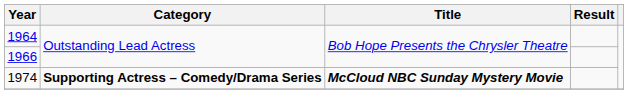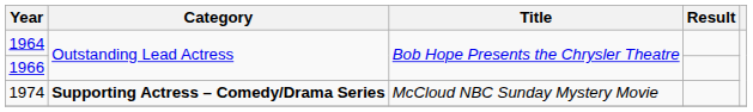 <table class="wikitable">
 <tr>
 <th>Year</th>
 <th>Category</th>
 <th>Title</th>
 <th>Result</th>
 <th></th>
 </tr>
 <tr>
 <td><a href='#'>1964</a></td>
 <td rowspan=2><a href='#'>Outstanding Lead Actress</a></td>
 <td rowspan=2><em><a href='#'>Bob Hope Presents the Chrysler Theatre</a></em></td>
 <td></td>
 <td align=center rowspan=3></td>
 </tr>
 <tr>
 <td><a href='#'>1966</a></td>
 <td></td>
 </tr>
 <tr>
 <td>1974</td>
 <td><strong>Supporting Actress – Comedy/Drama Series</strong></td>
-<td><strong><em>McCloud NBC Sunday Mystery Movie</em></strong></td>
+<td><em>McCloud NBC Sunday Mystery Movie</em></td>
 <td></td>
 </tr>
 <tr>
 </tr>
 </table>
